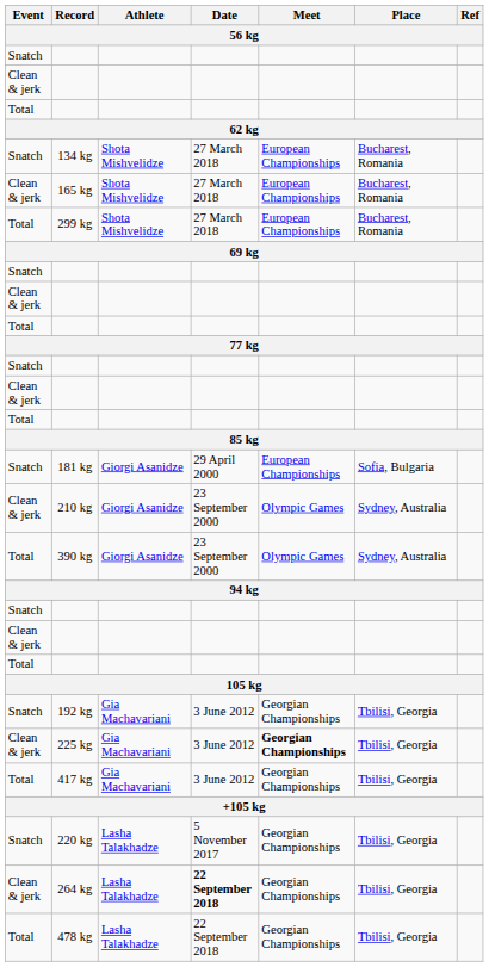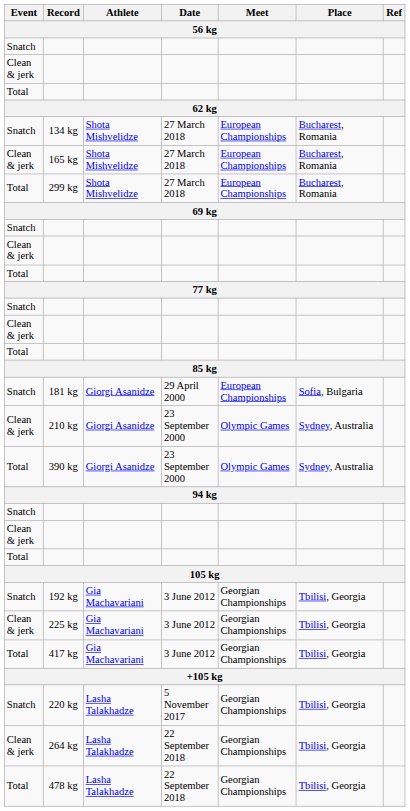 <table class="wikitable">
 <tr>
 <th width=9%>Event</th>
 <th width=6%>Record</th>
 <th width=18%>Athlete</th>
 <th width=13%>Date</th>
 <th width=18%>Meet</th>
 <th width=20%>Place</th>
 <th width=3%>Ref</th>
 </tr>
 <tr bgcolor="#DDDDDD">
 <th colspan="8">56 kg</th>
 </tr>
 <tr>
 <td>Snatch</td>
 <td></td>
 <td></td>
 <td></td>
 <td></td>
 <td></td>
 <td></td>
 </tr>
 <tr>
 <td>Clean & jerk</td>
 <td></td>
 <td></td>
 <td></td>
 <td></td>
 <td></td>
 <td></td>
 </tr>
 <tr>
 <td>Total</td>
 <td></td>
 <td></td>
 <td></td>
 <td></td>
 <td></td>
 <td></td>
 </tr>
 <tr bgcolor="#DDDDDD">
 <th colspan="8">62 kg</th>
 </tr>
 <tr>
 <td>Snatch</td>
 <td align="center">134 kg</td>
 <td><a href='#'>Shota Mishvelidze</a></td>
 <td>27 March 2018</td>
 <td><a href='#'>European Championships</a></td>
 <td><a href='#'>Bucharest</a>, Romania</td>
 <td></td>
 </tr>
 <tr>
 <td>Clean & jerk</td>
 <td align="center">165 kg</td>
 <td><a href='#'>Shota Mishvelidze</a></td>
 <td>27 March 2018</td>
 <td><a href='#'>European Championships</a></td>
 <td><a href='#'>Bucharest</a>, Romania</td>
 <td></td>
 </tr>
 <tr>
 <td>Total</td>
 <td align="center">299 kg</td>
 <td><a href='#'>Shota Mishvelidze</a></td>
 <td>27 March 2018</td>
 <td><a href='#'>European Championships</a></td>
 <td><a href='#'>Bucharest</a>, Romania</td>
 <td></td>
 </tr>
 <tr bgcolor="#DDDDDD">
 <th colspan="8">69 kg</th>
 </tr>
 <tr>
 <td>Snatch</td>
 <td></td>
 <td></td>
 <td></td>
 <td></td>
 <td></td>
 <td></td>
 </tr>
 <tr>
 <td>Clean & jerk</td>
 <td align="center"></td>
 <td></td>
 <td></td>
 <td></td>
 <td></td>
 <td></td>
 </tr>
 <tr>
 <td>Total</td>
 <td></td>
 <td></td>
 <td></td>
 <td></td>
 <td></td>
 <td></td>
 </tr>
 <tr bgcolor="#DDDDDD">
 <th colspan="8">77 kg</th>
 </tr>
 <tr>
 <td>Snatch</td>
 <td></td>
 <td></td>
 <td></td>
 <td></td>
 <td></td>
 <td></td>
 </tr>
 <tr>
 <td>Clean & jerk</td>
 <td></td>
 <td></td>
 <td></td>
 <td></td>
 <td></td>
 <td></td>
 </tr>
 <tr>
 <td>Total</td>
 <td></td>
 <td></td>
 <td></td>
 <td></td>
 <td></td>
 <td></td>
 </tr>
 <tr bgcolor="#DDDDDD">
 <th colspan="8">85 kg</th>
 </tr>
 <tr>
 <td>Snatch</td>
 <td align="center">181 kg</td>
 <td><a href='#'>Giorgi Asanidze</a></td>
 <td>29 April 2000</td>
 <td><a href='#'>European Championships</a></td>
 <td><a href='#'>Sofia</a>, Bulgaria</td>
 <td></td>
 </tr>
 <tr>
 <td>Clean & jerk</td>
 <td align="center">210 kg</td>
 <td><a href='#'>Giorgi Asanidze</a></td>
 <td>23 September 2000</td>
 <td><a href='#'>Olympic Games</a></td>
 <td><a href='#'>Sydney</a>, Australia</td>
 <td></td>
 </tr>
 <tr>
 <td>Total</td>
 <td align="center">390 kg</td>
 <td><a href='#'>Giorgi Asanidze</a></td>
 <td>23 September 2000</td>
 <td><a href='#'>Olympic Games</a></td>
 <td><a href='#'>Sydney</a>, Australia</td>
 <td></td>
 </tr>
 <tr bgcolor="#DDDDDD">
 <th colspan="8">94 kg</th>
 </tr>
 <tr>
 <td>Snatch</td>
 <td align="center"></td>
 <td></td>
 <td></td>
 <td></td>
 <td></td>
 <td></td>
 </tr>
 <tr>
 <td>Clean & jerk</td>
 <td></td>
 <td></td>
 <td></td>
 <td></td>
 <td></td>
 <td></td>
 </tr>
 <tr>
 <td>Total</td>
 <td align="center"></td>
 <td></td>
 <td></td>
 <td></td>
 <td></td>
 <td></td>
 </tr>
 <tr bgcolor="#DDDDDD">
 <th colspan="8">105 kg</th>
 </tr>
 <tr>
 <td>Snatch</td>
 <td align="center">192 kg</td>
 <td><a href='#'>Gia Machavariani</a></td>
 <td>3 June 2012</td>
 <td>Georgian Championships</td>
 <td><a href='#'>Tbilisi</a>, Georgia</td>
 <td></td>
 </tr>
 <tr>
 <td>Clean & jerk</td>
 <td align="center">225 kg</td>
 <td><a href='#'>Gia Machavariani</a></td>
 <td>3 June 2012</td>
-<td><strong>Georgian Championships</strong></td>
+<td>Georgian Championships</td>
 <td><a href='#'>Tbilisi</a>, Georgia</td>
 <td></td>
 </tr>
 <tr>
 <td>Total</td>
 <td align="center">417 kg</td>
 <td><a href='#'>Gia Machavariani</a></td>
 <td>3 June 2012</td>
 <td>Georgian Championships</td>
 <td><a href='#'>Tbilisi</a>, Georgia</td>
 <td></td>
 </tr>
 <tr bgcolor="#DDDDDD">
 <th colspan="8">+105 kg</th>
 </tr>
 <tr>
 <td>Snatch</td>
 <td align="center">220 kg</td>
 <td><a href='#'>Lasha Talakhadze</a></td>
 <td>5 November 2017</td>
 <td>Georgian Championships</td>
 <td><a href='#'>Tbilisi</a>, Georgia</td>
 <td></td>
 </tr>
 <tr>
 <td>Clean & jerk</td>
 <td align="center">264 kg</td>
 <td><a href='#'>Lasha Talakhadze</a></td>
-<td><strong>22 September 2018</strong></td>
+<td>22 September 2018</td>
 <td>Georgian Championships</td>
 <td><a href='#'>Tbilisi</a>, Georgia</td>
 <td></td>
 </tr>
 <tr>
 <td>Total</td>
 <td align="center">478 kg</td>
 <td><a href='#'>Lasha Talakhadze</a></td>
 <td>22 September 2018</td>
 <td>Georgian Championships</td>
 <td><a href='#'>Tbilisi</a>, Georgia</td>
 <td></td>
 </tr>
 </table>
